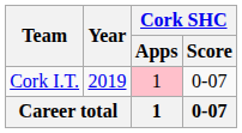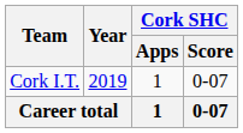 <table class="wikitable" style="text-align:center">
 <tr>
 <th rowspan="2">Team</th>
 <th rowspan="2">Year</th>
 <th colspan="2"><a href='#'>Cork SHC</a></th>
 </tr>
 <tr>
 <th>Apps</th>
 <th>Score</th>
 </tr>
 <tr>
 <td rowspan="1"><a href='#'>Cork I.T.</a></td>
 <td><a href='#'>2019</a></td>
-<td style="background: pink;">1</td>
+<td>1</td>
 <td>0-07</td>
 </tr>
 <tr>
 <th colspan="2">Career total</th>
 <th>1</th>
 <th>0-07</th>
 </tr>
 </table>
